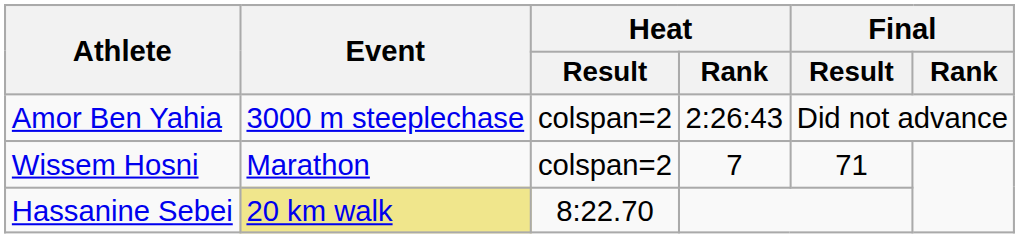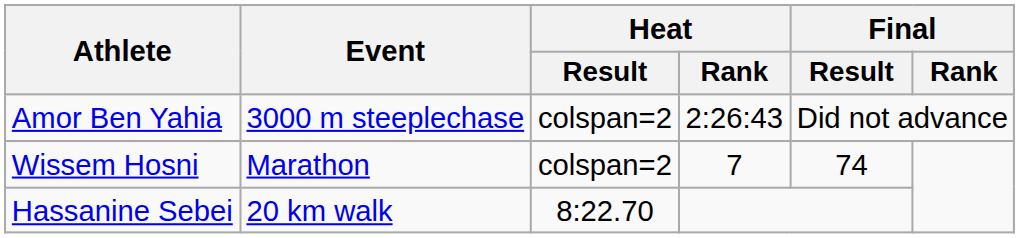 <table class="wikitable" style="font-size:90%">
 <tr>
 <th rowspan="2">Athlete</th>
 <th rowspan="2">Event</th>
 <th colspan="2">Heat</th>
 <th colspan="2">Final</th>
 </tr>
 <tr style="font-size:95%">
 <th>Result</th>
 <th>Rank</th>
 <th>Result</th>
 <th>Rank</th>
 </tr>
 <tr align=center>
 <td align=left><a href='#'>Amor Ben Yahia</a></td>
 <td align=left><a href='#'>3000 m steeplechase</a></td>
 <td>colspan=2 </td>
 <td>2:26:43</td>
 <td colspan=2>Did not advance</td>
 </tr>
 <tr align=center>
 <td align=left><a href='#'>Wissem Hosni</a></td>
 <td align=left><a href='#'>Marathon</a></td>
 <td>colspan=2 </td>
 <td>7</td>
-<td>71</td>
+<td>74</td>
 </tr>
 <tr align=center>
 <td align=left><a href='#'>Hassanine Sebei</a></td>
-<td align=left style="background: khaki;"><a href='#'>20 km walk</a></td>
+<td align=left><a href='#'>20 km walk</a></td>
 <td>8:22.70</td>
 <td colspan=2></td>
 </tr>
 </table>
